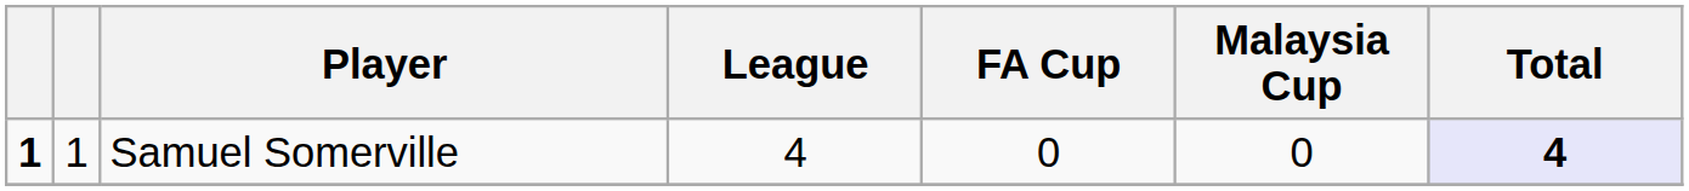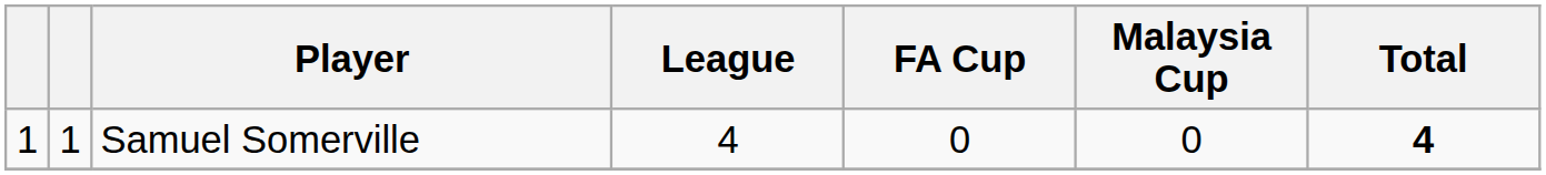 <table class="wikitable sortable" style="font-size: 95%; text-align: center;">
 <tr>
 <th width=10></th>
 <th width=10></th>
 <th width=200>Player</th>
 <th width=85>League</th>
 <th width=85>FA Cup</th>
 <th width=85>Malaysia Cup</th>
 <th width=85>Total</th>
 </tr>
 <tr>
-<td rowspan=1><strong>1</strong></td>
+<td rowspan=1>1</td>
 <td>1</td>
 <td align=left> Samuel Somerville</td>
 <td>4</td>
 <td>0</td>
 <td>0</td>
-<td style="background: lavender;"><strong>4</strong></td>
+<td><strong>4</strong></td>
 </tr>
 <tr>
 </tr>
 </table>
